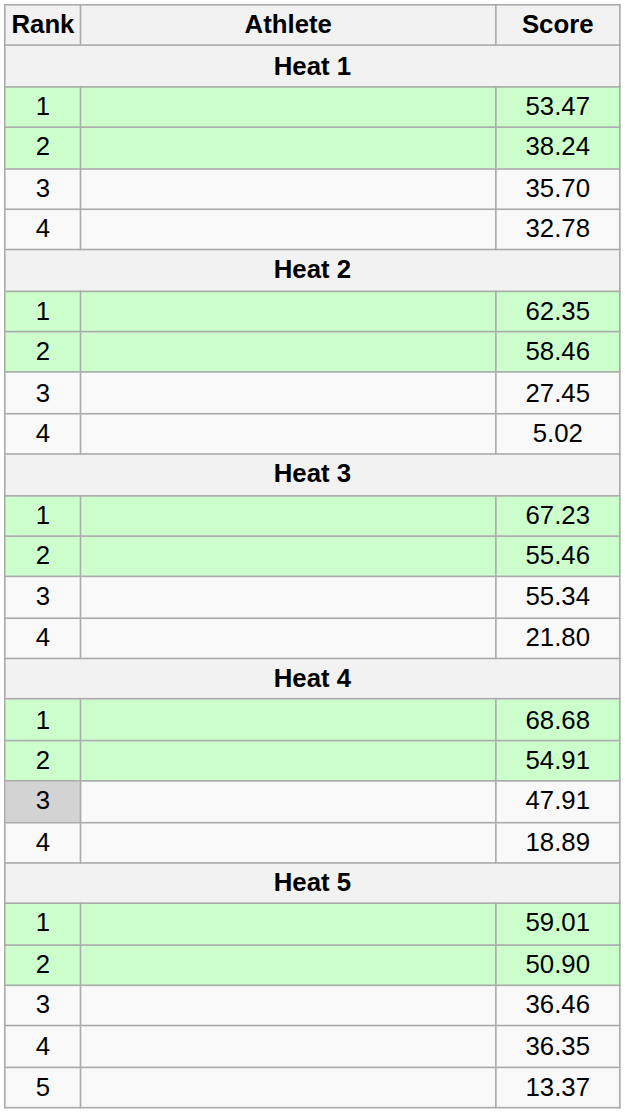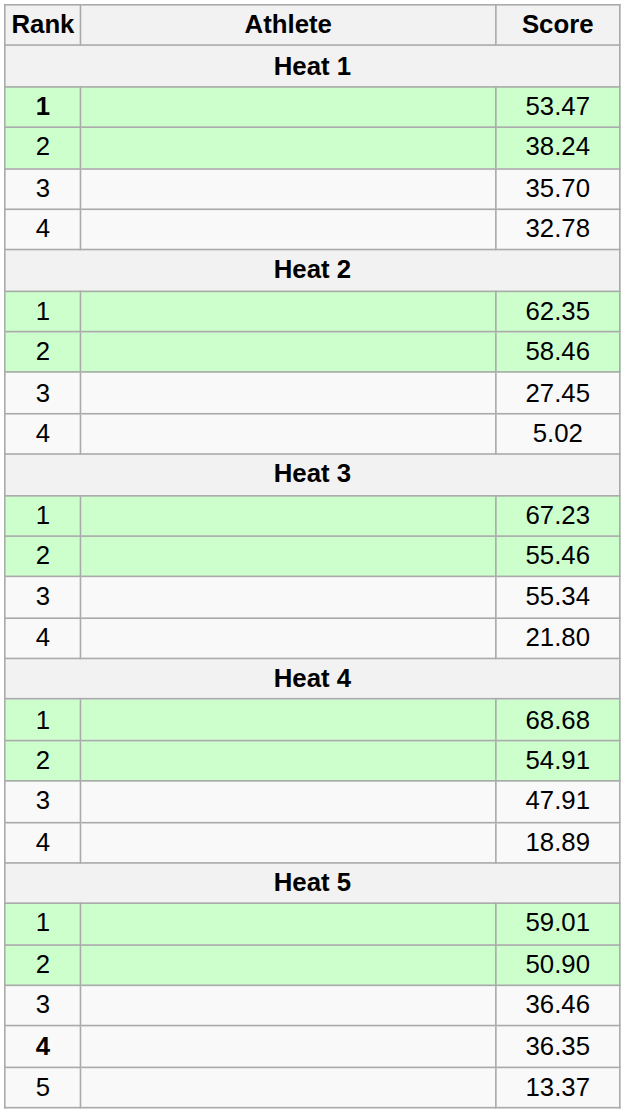 <table class=wikitable style="text-align:center">
 <tr>
 <th width=40>Rank</th>
 <th width=250>Athlete</th>
 <th width=70>Score</th>
 </tr>
 <tr>
 <th colspan=3>Heat 1</th>
 </tr>
 <tr bgcolor="ccffcc">
-<td>1</td>
+<td><strong>1</strong></td>
 <td align=left></td>
 <td>53.47</td>
 </tr>
 <tr bgcolor="ccffcc">
 <td>2</td>
 <td align=left></td>
 <td>38.24</td>
 </tr>
 <tr>
 <td>3</td>
 <td align=left></td>
 <td>35.70</td>
 </tr>
 <tr>
 <td>4</td>
 <td align=left></td>
 <td>32.78</td>
 </tr>
 <tr>
 <th colspan=3>Heat 2</th>
 </tr>
 <tr bgcolor="ccffcc">
 <td>1</td>
 <td align=left></td>
 <td>62.35</td>
 </tr>
 <tr bgcolor="ccffcc">
 <td>2</td>
 <td align=left></td>
 <td>58.46</td>
 </tr>
 <tr>
 <td>3</td>
 <td align=left></td>
 <td>27.45</td>
 </tr>
 <tr>
 <td>4</td>
 <td align=left></td>
 <td>5.02</td>
 </tr>
 <tr>
 <th colspan=3>Heat 3</th>
 </tr>
 <tr bgcolor="ccffcc">
 <td>1</td>
 <td align=left></td>
 <td>67.23</td>
 </tr>
 <tr bgcolor="ccffcc">
 <td>2</td>
 <td align=left></td>
 <td>55.46</td>
 </tr>
 <tr>
 <td>3</td>
 <td align=left></td>
 <td>55.34</td>
 </tr>
 <tr>
 <td>4</td>
 <td align=left></td>
 <td>21.80</td>
 </tr>
 <tr>
 <th colspan=3>Heat 4</th>
 </tr>
 <tr bgcolor="ccffcc">
 <td>1</td>
 <td align=left></td>
 <td>68.68</td>
 </tr>
 <tr bgcolor="ccffcc">
 <td>2</td>
 <td align=left></td>
 <td>54.91</td>
 </tr>
 <tr>
-<td style="background: lightgrey;">3</td>
+<td>3</td>
 <td align=left></td>
 <td>47.91</td>
 </tr>
 <tr>
 <td>4</td>
 <td align=left></td>
 <td>18.89</td>
 </tr>
 <tr>
 <th colspan=3>Heat 5</th>
 </tr>
 <tr bgcolor="ccffcc">
 <td>1</td>
 <td align=left></td>
 <td>59.01</td>
 </tr>
 <tr bgcolor="ccffcc">
 <td>2</td>
 <td align=left></td>
 <td>50.90</td>
 </tr>
 <tr>
 <td>3</td>
 <td align=left></td>
 <td>36.46</td>
 </tr>
 <tr>
-<td>4</td>
+<td><strong>4</strong></td>
 <td align=left></td>
 <td>36.35</td>
 </tr>
 <tr>
 <td>5</td>
 <td align=left></td>
 <td>13.37</td>
 </tr>
 </table>
